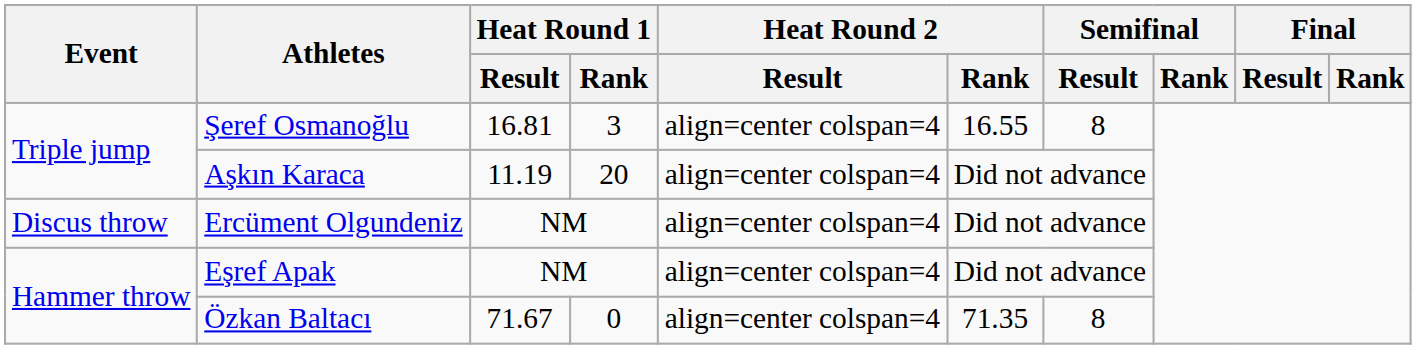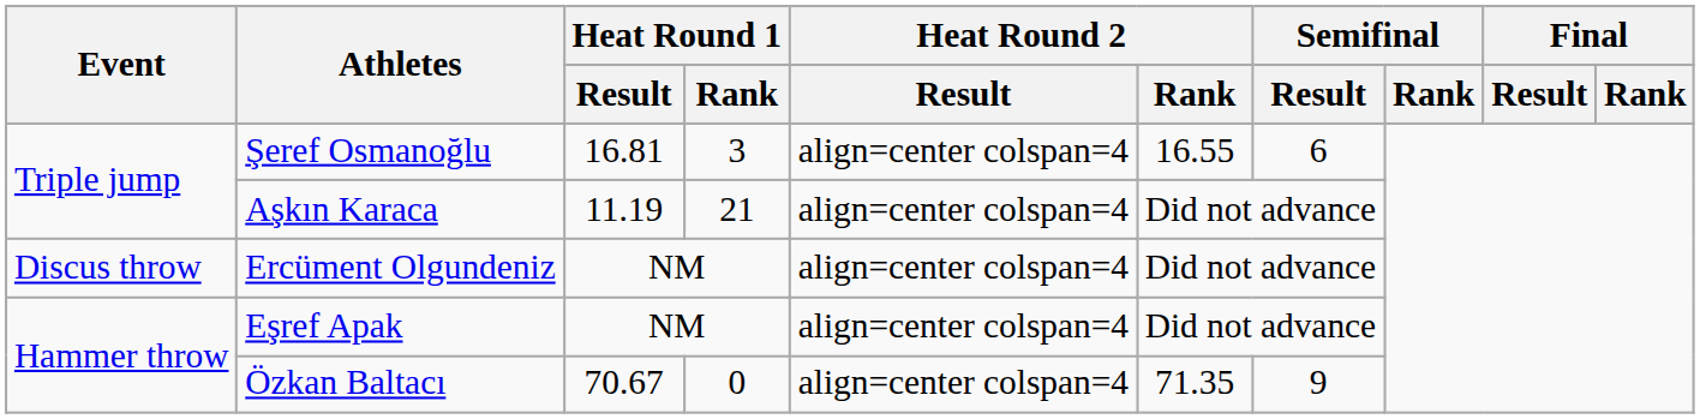 <table class="wikitable" border="1" style="font-size:90%">
 <tr>
 <th rowspan="2">Event</th>
 <th rowspan="2">Athletes</th>
 <th colspan="2">Heat Round 1</th>
 <th colspan="2">Heat Round 2</th>
 <th colspan="2">Semifinal</th>
 <th colspan="2">Final</th>
 </tr>
 <tr>
 <th>Result</th>
 <th>Rank</th>
 <th>Result</th>
 <th>Rank</th>
 <th>Result</th>
 <th>Rank</th>
 <th>Result</th>
 <th>Rank</th>
 </tr>
 <tr>
 <td rowspan=2><a href='#'>Triple jump</a></td>
 <td><a href='#'>Şeref Osmanoğlu</a></td>
 <td align=center>16.81</td>
 <td align=center>3</td>
 <td>align=center colspan=4 </td>
 <td align=center>16.55</td>
-<td align=center>8</td>
+<td align=center>6</td>
 </tr>
 <tr>
 <td><a href='#'>Aşkın Karaca</a></td>
 <td align=center>11.19</td>
-<td align=center>20</td>
+<td align=center>21</td>
 <td>align=center colspan=4 </td>
 <td align=center colspan=2>Did not advance</td>
 </tr>
 <tr>
 <td rowspan=1><a href='#'>Discus throw</a></td>
 <td><a href='#'>Ercüment Olgundeniz</a></td>
 <td align=center colspan=2>NM</td>
 <td>align=center colspan=4 </td>
 <td align=center colspan=2>Did not advance</td>
 </tr>
 <tr>
 <td rowspan=2><a href='#'>Hammer throw</a></td>
 <td><a href='#'>Eşref Apak</a></td>
 <td align=center colspan=2>NM</td>
 <td>align=center colspan=4 </td>
 <td align=center colspan=2>Did not advance</td>
 </tr>
 <tr>
 <td><a href='#'>Özkan Baltacı</a></td>
-<td align=center>71.67</td>
+<td align=center>70.67</td>
 <td align=center>0</td>
 <td>align=center colspan=4 </td>
 <td align=center>71.35</td>
-<td align=center>8</td>
+<td align=center>9</td>
 </tr>
 </table>
